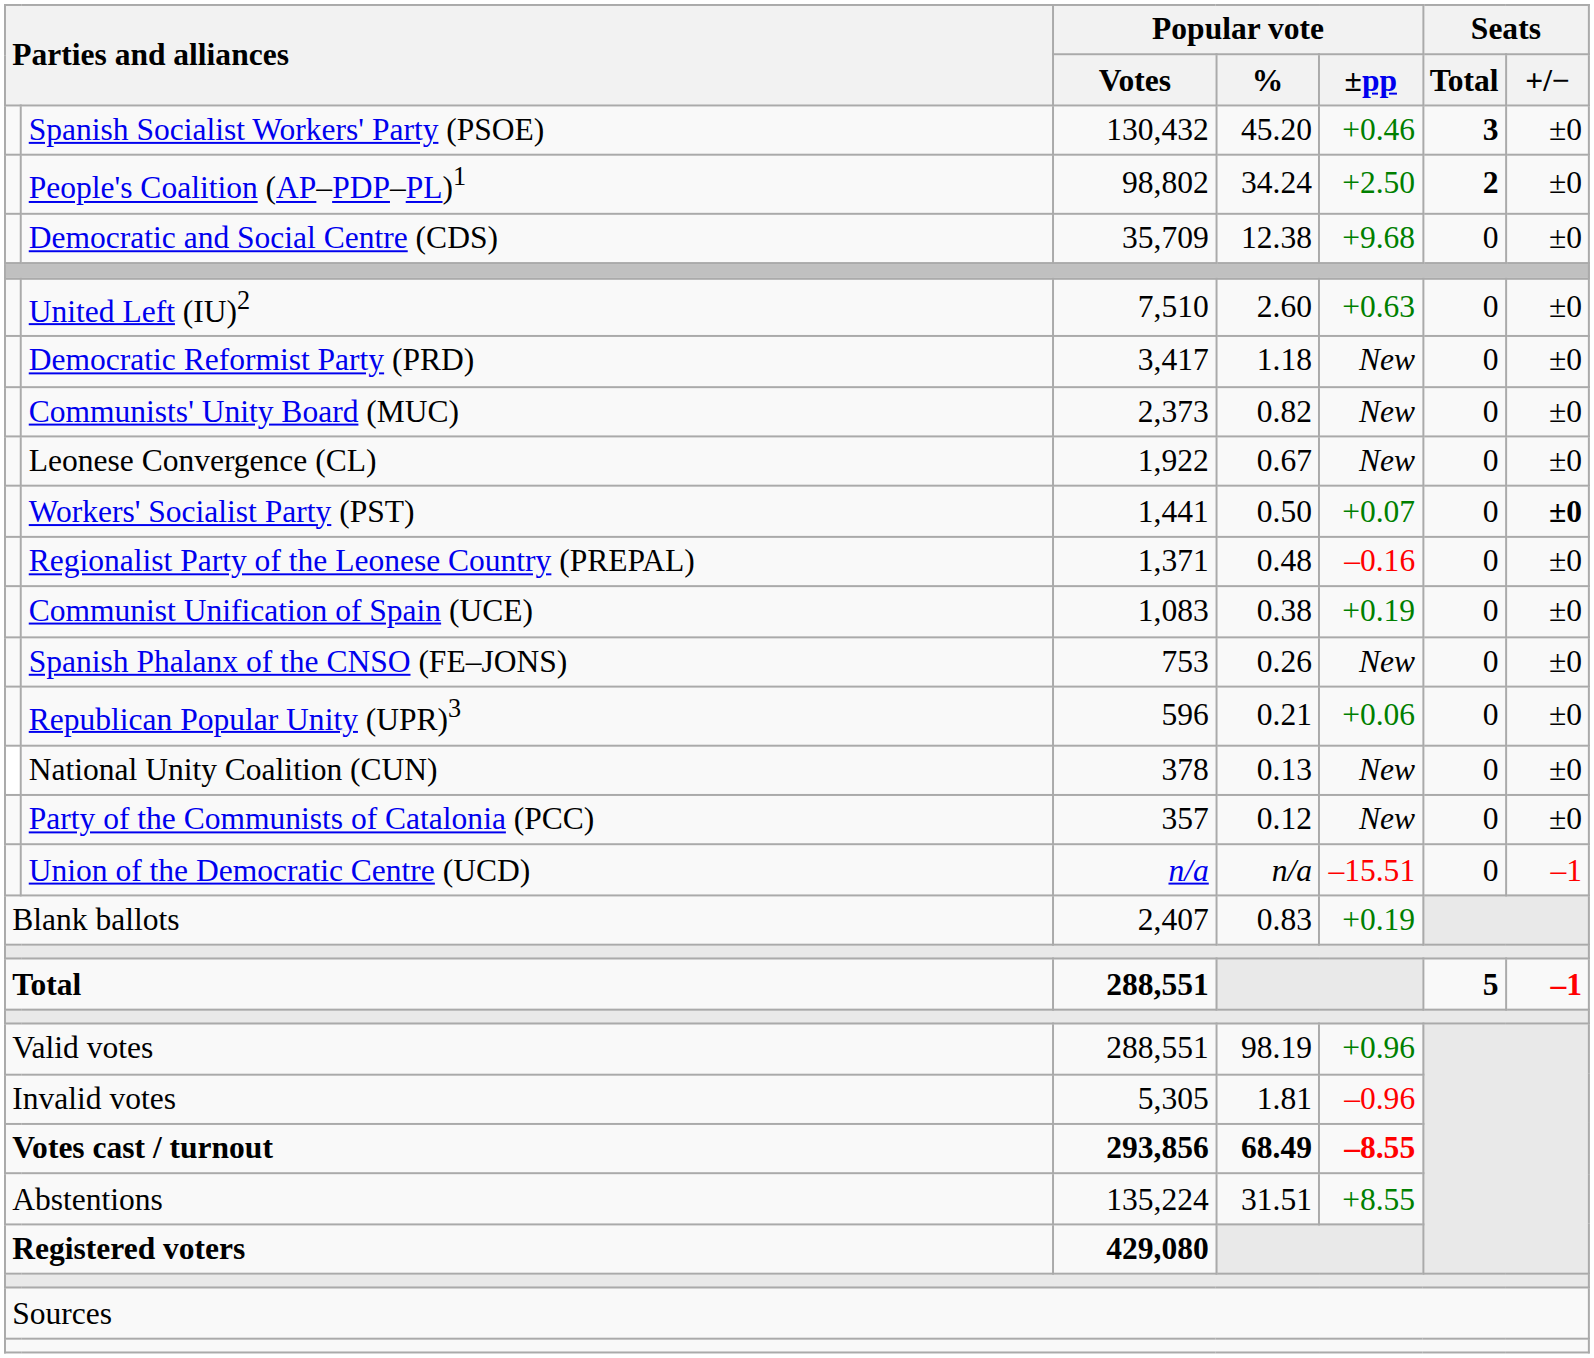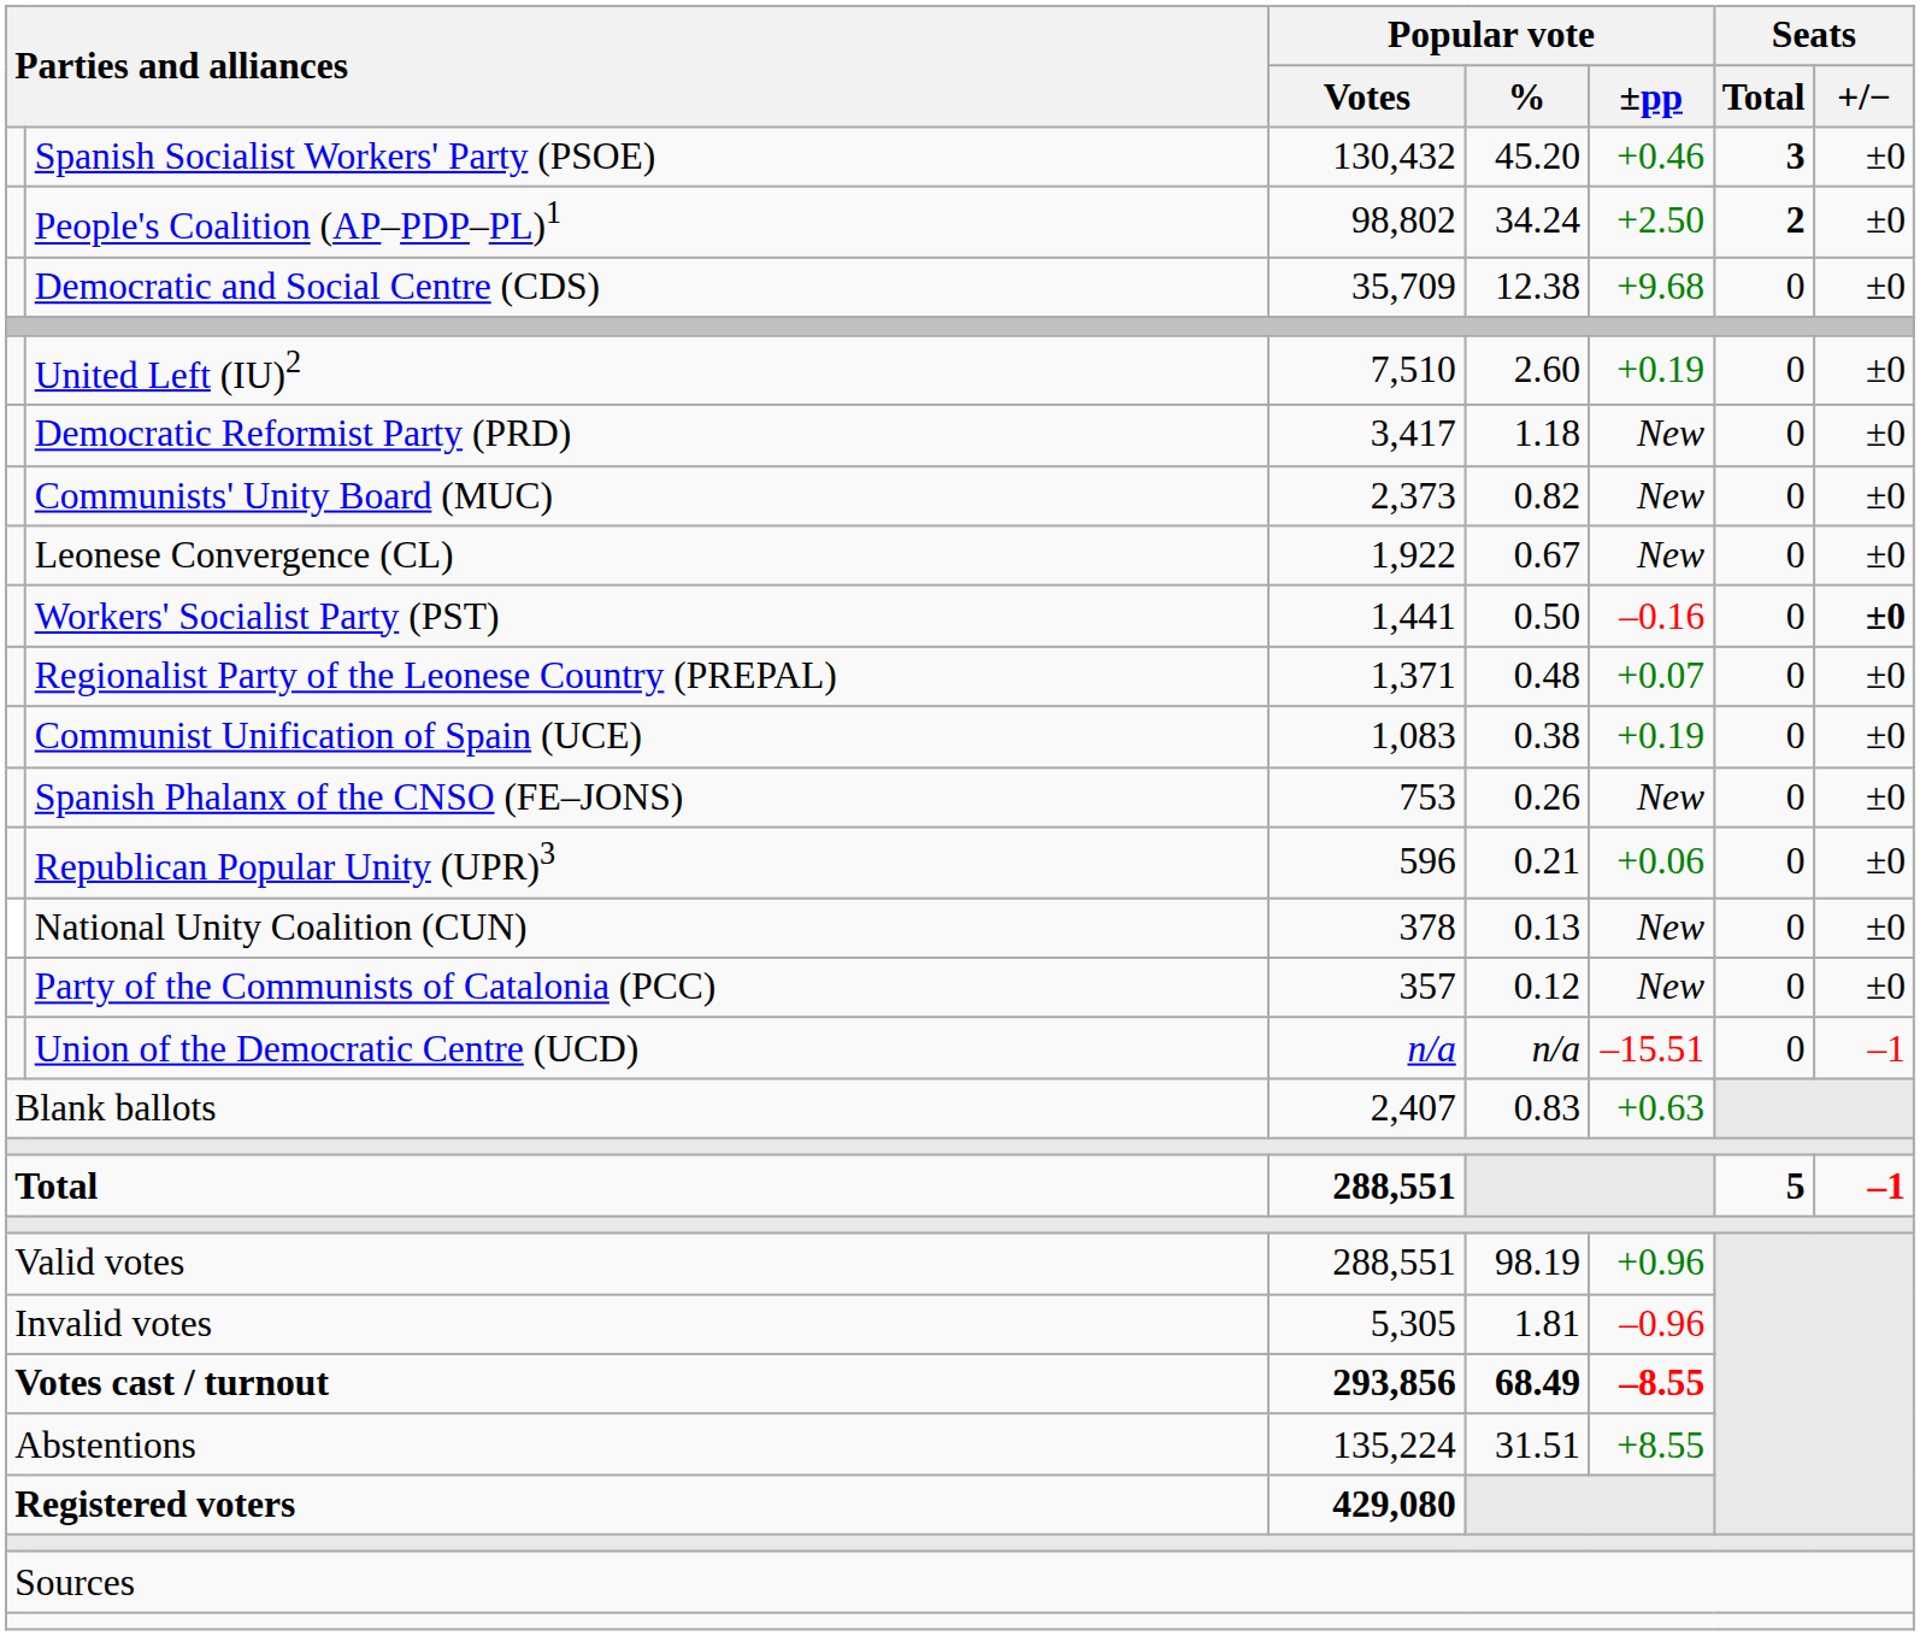 <table class="wikitable" style="text-align:right;">
 <tr>
 <th style="text-align:left;" rowspan="2" colspan="2" width="525">Parties and alliances</th>
 <th colspan="3">Popular vote</th>
 <th colspan="2">Seats</th>
 </tr>
 <tr>
 <th width="75">Votes</th>
 <th width="45">%</th>
 <th width="45">±<a href='#'>pp</a></th>
 <th width="35">Total</th>
 <th width="35">+/−</th>
 </tr>
 <tr>
 <td width="1" style="color:inherit;background:"></td>
 <td align="left"><a href='#'>Spanish Socialist Workers' Party</a> (PSOE)</td>
 <td>130,432</td>
 <td>45.20</td>
 <td style="color:green;">+0.46</td>
 <td><strong>3</strong></td>
 <td>±0</td>
 </tr>
 <tr>
 <td style="color:inherit;background:"></td>
 <td align="left"><a href='#'>People's Coalition</a> (<a href='#'>AP</a>–<a href='#'>PDP</a>–<a href='#'>PL</a>)<sup>1</sup></td>
 <td>98,802</td>
 <td>34.24</td>
 <td style="color:green;">+2.50</td>
 <td><strong>2</strong></td>
 <td>±0</td>
 </tr>
 <tr>
 <td style="color:inherit;background:"></td>
 <td align="left"><a href='#'>Democratic and Social Centre</a> (CDS)</td>
 <td>35,709</td>
 <td>12.38</td>
 <td style="color:green;">+9.68</td>
 <td>0</td>
 <td>±0</td>
 </tr>
 <tr>
 <td colspan="7" bgcolor="#C0C0C0"></td>
 </tr>
 <tr>
 <td style="color:inherit;background:"></td>
 <td align="left"><a href='#'>United Left</a> (IU)<sup>2</sup></td>
 <td>7,510</td>
 <td>2.60</td>
-<td style="color:green;">+0.63</td>
+<td style="color:green;">+0.19</td>
 <td>0</td>
 <td>±0</td>
 </tr>
 <tr>
 <td style="color:inherit;background:"></td>
 <td align="left"><a href='#'>Democratic Reformist Party</a> (PRD)</td>
 <td>3,417</td>
 <td>1.18</td>
 <td><em>New</em></td>
 <td>0</td>
 <td>±0</td>
 </tr>
 <tr>
 <td style="color:inherit;background:"></td>
 <td align="left"><a href='#'>Communists' Unity Board</a> (MUC)</td>
 <td>2,373</td>
 <td>0.82</td>
 <td><em>New</em></td>
 <td>0</td>
 <td>±0</td>
 </tr>
 <tr>
 <td style="color:inherit;background:"></td>
 <td align="left">Leonese Convergence (CL)</td>
 <td>1,922</td>
 <td>0.67</td>
 <td><em>New</em></td>
 <td>0</td>
 <td>±0</td>
 </tr>
 <tr>
 <td style="color:inherit;background:"></td>
 <td align="left"><a href='#'>Workers' Socialist Party</a> (PST)</td>
 <td>1,441</td>
 <td>0.50</td>
-<td style="color:green;">+0.07</td>
+<td style="color:red;">–0.16</td>
 <td>0</td>
 <td><strong>±0</strong></td>
 </tr>
 <tr>
 <td style="color:inherit;background:"></td>
 <td align="left"><a href='#'>Regionalist Party of the Leonese Country</a> (PREPAL)</td>
 <td>1,371</td>
 <td>0.48</td>
-<td style="color:red;">–0.16</td>
+<td style="color:green;">+0.07</td>
 <td>0</td>
 <td>±0</td>
 </tr>
 <tr>
 <td style="color:inherit;background:"></td>
 <td align="left"><a href='#'>Communist Unification of Spain</a> (UCE)</td>
 <td>1,083</td>
 <td>0.38</td>
 <td style="color:green;">+0.19</td>
 <td>0</td>
 <td>±0</td>
 </tr>
 <tr>
 <td style="color:inherit;background:"></td>
 <td align="left"><a href='#'>Spanish Phalanx of the CNSO</a> (FE–JONS)</td>
 <td>753</td>
 <td>0.26</td>
 <td><em>New</em></td>
 <td>0</td>
 <td>±0</td>
 </tr>
 <tr>
 <td style="color:inherit;background:"></td>
 <td align="left"><a href='#'>Republican Popular Unity</a> (UPR)<sup>3</sup></td>
 <td>596</td>
 <td>0.21</td>
 <td style="color:green;">+0.06</td>
 <td>0</td>
 <td>±0</td>
 </tr>
 <tr>
 <td bgcolor="white"></td>
 <td align="left">National Unity Coalition (CUN)</td>
 <td>378</td>
 <td>0.13</td>
 <td><em>New</em></td>
 <td>0</td>
 <td>±0</td>
 </tr>
 <tr>
 <td style="color:inherit;background:"></td>
 <td align="left"><a href='#'>Party of the Communists of Catalonia</a> (PCC)</td>
 <td>357</td>
 <td>0.12</td>
 <td><em>New</em></td>
 <td>0</td>
 <td>±0</td>
 </tr>
 <tr>
 <td style="color:inherit;background:"></td>
 <td align="left"><a href='#'>Union of the Democratic Centre</a> (UCD)</td>
 <td><em><a href='#'>n/a</a></em></td>
 <td><em>n/a</em></td>
 <td style="color:red;">–15.51</td>
 <td>0</td>
 <td style="color:red;">–1</td>
 </tr>
 <tr>
 <td align="left" colspan="2">Blank ballots</td>
 <td>2,407</td>
 <td>0.83</td>
-<td style="color:green;">+0.19</td>
+<td style="color:green;">+0.63</td>
 <td bgcolor="#E9E9E9" colspan="2"></td>
 </tr>
 <tr>
 <td colspan="7" bgcolor="#E9E9E9"></td>
 </tr>
 <tr style="font-weight:bold;">
 <td align="left" colspan="2">Total</td>
 <td>288,551</td>
 <td bgcolor="#E9E9E9" colspan="2"></td>
 <td>5</td>
 <td style="color:red;">–1</td>
 </tr>
 <tr>
 <td colspan="7" bgcolor="#E9E9E9"></td>
 </tr>
 <tr>
 <td align="left" colspan="2">Valid votes</td>
 <td>288,551</td>
 <td>98.19</td>
 <td style="color:green;">+0.96</td>
 <td bgcolor="#E9E9E9" colspan="2" rowspan="5"></td>
 </tr>
 <tr>
 <td align="left" colspan="2">Invalid votes</td>
 <td>5,305</td>
 <td>1.81</td>
 <td style="color:red;">–0.96</td>
 </tr>
 <tr style="font-weight:bold;">
 <td align="left" colspan="2">Votes cast / turnout</td>
 <td>293,856</td>
 <td>68.49</td>
 <td style="color:red;">–8.55</td>
 </tr>
 <tr>
 <td align="left" colspan="2">Abstentions</td>
 <td>135,224</td>
 <td>31.51</td>
 <td style="color:green;">+8.55</td>
 </tr>
 <tr style="font-weight:bold;">
 <td align="left" colspan="2">Registered voters</td>
 <td>429,080</td>
 <td bgcolor="#E9E9E9" colspan="2"></td>
 </tr>
 <tr>
 <td colspan="7" bgcolor="#E9E9E9"></td>
 </tr>
 <tr>
 <td align="left" colspan="7">Sources</td>
 </tr>
 <tr>
 <td colspan="7" style="text-align:left; max-width:790px;"></td>
 </tr>
 </table>
